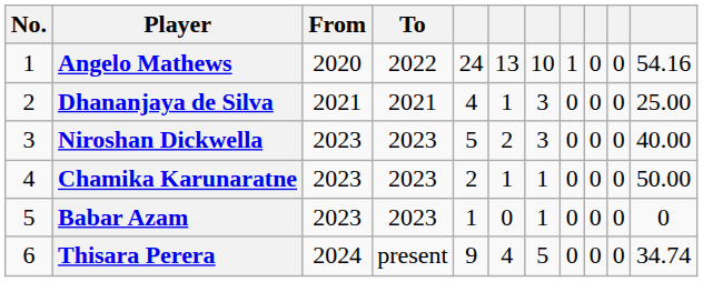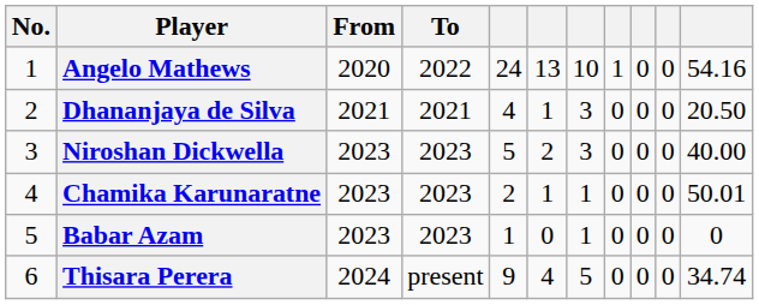 <table class="wikitable"style="text-align:center;">
 <tr>
 <th>No.</th>
 <th>Player</th>
 <th>From</th>
 <th>To</th>
 <th></th>
 <th></th>
 <th></th>
 <th></th>
 <th></th>
 <th></th>
 <th></th>
 </tr>
 <tr>
 <td>1</td>
 <th style="text-align:left;"><a href='#'>Angelo Mathews</a></th>
 <td>2020</td>
 <td>2022</td>
 <td>24</td>
 <td>13</td>
 <td>10</td>
 <td>1</td>
 <td>0</td>
 <td>0</td>
 <td>54.16</td>
 </tr>
 <tr>
 <td>2</td>
 <th style="text-align:left;"><a href='#'>Dhananjaya de Silva</a></th>
 <td>2021</td>
 <td>2021</td>
 <td>4</td>
 <td>1</td>
 <td>3</td>
 <td>0</td>
 <td>0</td>
 <td>0</td>
-<td>25.00</td>
+<td>20.50</td>
 </tr>
 <tr>
 <td>3</td>
 <th style="text-align:left;"><a href='#'>Niroshan Dickwella</a></th>
 <td>2023</td>
 <td>2023</td>
 <td>5</td>
 <td>2</td>
 <td>3</td>
 <td>0</td>
 <td>0</td>
 <td>0</td>
 <td>40.00</td>
 </tr>
 <tr>
 <td>4</td>
 <th style="text-align:left;"><a href='#'>Chamika Karunaratne</a></th>
 <td>2023</td>
 <td>2023</td>
 <td>2</td>
 <td>1</td>
 <td>1</td>
 <td>0</td>
 <td>0</td>
 <td>0</td>
-<td>50.00</td>
+<td>50.01</td>
 </tr>
 <tr>
 <td>5</td>
 <th style="text-align:left;"><a href='#'>Babar Azam</a></th>
 <td>2023</td>
 <td>2023</td>
 <td>1</td>
 <td>0</td>
 <td>1</td>
 <td>0</td>
 <td>0</td>
 <td>0</td>
 <td>0</td>
 </tr>
 <tr>
 <td>6</td>
 <th style="text-align:left;"><a href='#'>Thisara Perera</a></th>
 <td>2024</td>
 <td>present</td>
 <td>9</td>
 <td>4</td>
 <td>5</td>
 <td>0</td>
 <td>0</td>
 <td>0</td>
 <td>34.74</td>
 </tr>
 </table>
